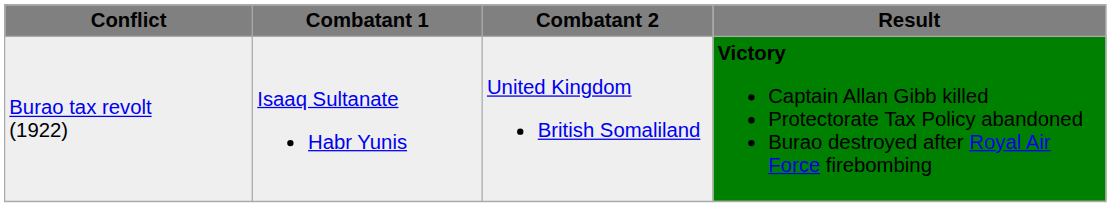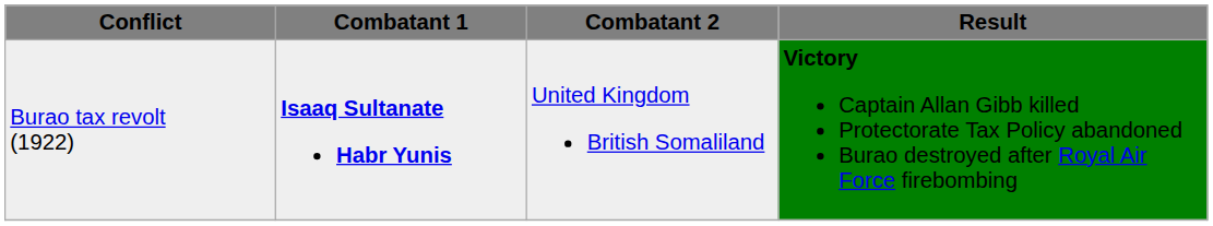 <table class="wikitable">
 <tr>
 <th style="background:grey" width="190"><span>Conflict</span></th>
 <th style="background:grey" width="175"><span>Combatant 1</span></th>
 <th style="background:grey" width="175"><span>Combatant 2</span></th>
 <th style="background:grey" width="305"><span>Result</span></th>
 </tr>
 <tr>
 <td style="background:#efefef"><a href='#'>Burao tax revolt</a><br>(1922)</td>
-<td style="background:#efefef"><br> <a href='#'>Isaaq Sultanate</a><ul><li><a href='#'>Habr Yunis</a></li></ul></td>
+<td style="background:#efefef"><strong><br> <a href='#'>Isaaq Sultanate</a><ul><li><a href='#'>Habr Yunis</a></li></ul></strong></td>
 <td style="background:#efefef"> <a href='#'>United Kingdom</a><br><ul><li> <a href='#'>British Somaliland</a></li></ul></td>
 <td style="background:Green"><strong>Victory</strong><br><ul><li>Captain Allan Gibb killed</li><li>Protectorate Tax Policy abandoned</li><li>Burao destroyed after <a href='#'>Royal Air Force</a> firebombing</li></ul></td>
 </tr>
 <tr>
 </tr>
 </table>
